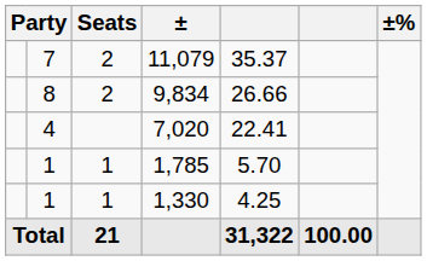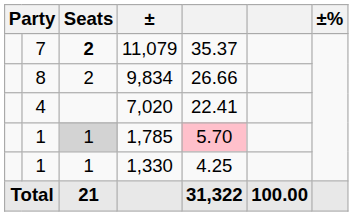 <table class=wikitable>
 <tr>
 <th colspan="2" align="center">Party</th>
 <th>Seats</th>
 <th>±</th>
 <th></th>
 <th></th>
 <th>±%</th>
 </tr>
 <tr>
 <td></td>
 <td align=center>7</td>
-<td align=center>2</td>
+<td align=center><strong>2</strong></td>
 <td align=center>11,079</td>
 <td align=center>35.37</td>
 <td align=center></td>
 </tr>
 <tr>
 <td></td>
 <td align=center>8</td>
 <td align=center>2</td>
 <td align=center>9,834</td>
 <td align=center>26.66</td>
 <td align=center></td>
 </tr>
 <tr>
 <td></td>
 <td align=center>4</td>
 <td align=center></td>
 <td align=center>7,020</td>
 <td align=center>22.41</td>
 <td align=center></td>
 </tr>
 <tr>
 <td></td>
 <td align=center>1</td>
-<td align=center>1</td>
+<td align=center style="background: lightgrey;">1</td>
 <td align=center>1,785</td>
-<td align=center>5.70</td>
+<td align=center style="background: pink;">5.70</td>
 <td align=center></td>
 </tr>
 <tr>
 <td></td>
 <td align=center>1</td>
 <td align=center>1</td>
 <td align=center>1,330</td>
 <td align=center>4.25</td>
 <td align=center></td>
 </tr>
 <tr style="font-weight:bold; background:rgb(232,232,232);">
 <td colspan=2 align=center>Total</td>
 <td align=center>21</td>
 <td align=center></td>
 <td align=center>31,322</td>
 <td align=center>100.00</td>
 <td></td>
 </tr>
 </table>
